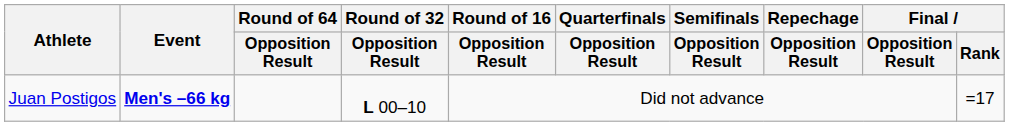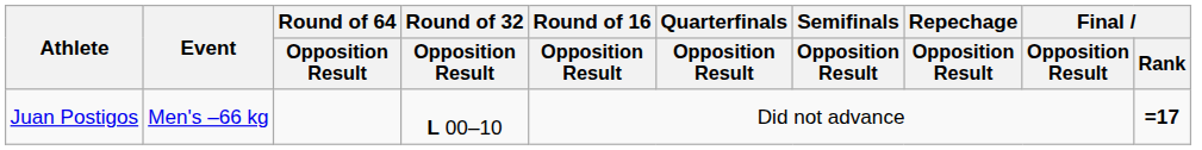 <table class="wikitable" style="font-size:90%">
 <tr>
 <th rowspan="2">Athlete</th>
 <th rowspan="2">Event</th>
 <th>Round of 64</th>
 <th>Round of 32</th>
 <th>Round of 16</th>
 <th>Quarterfinals</th>
 <th>Semifinals</th>
 <th>Repechage</th>
 <th colspan=2>Final / </th>
 </tr>
 <tr style="font-size:95%">
 <th>Opposition<br>Result</th>
 <th>Opposition<br>Result</th>
 <th>Opposition<br>Result</th>
 <th>Opposition<br>Result</th>
 <th>Opposition<br>Result</th>
 <th>Opposition<br>Result</th>
 <th>Opposition<br>Result</th>
 <th>Rank</th>
 </tr>
 <tr align=center>
 <td align=left><a href='#'>Juan Postigos</a></td>
-<td align=left><strong><a href='#'>Men's –66 kg</a></strong></td>
+<td align=left><a href='#'>Men's –66 kg</a></td>
 <td></td>
 <td><br><strong>L</strong> 00–10</td>
 <td colspan="5">Did not advance</td>
-<td>=17</td>
+<td><strong>=17</strong></td>
 </tr>
 </table>
